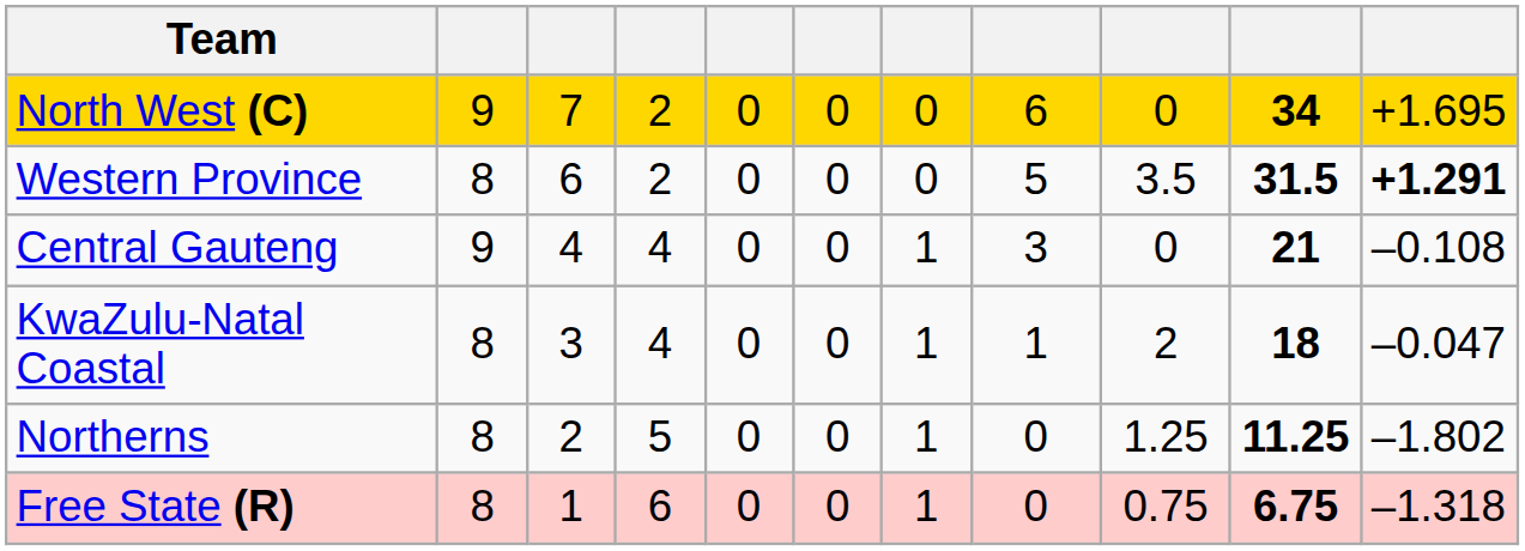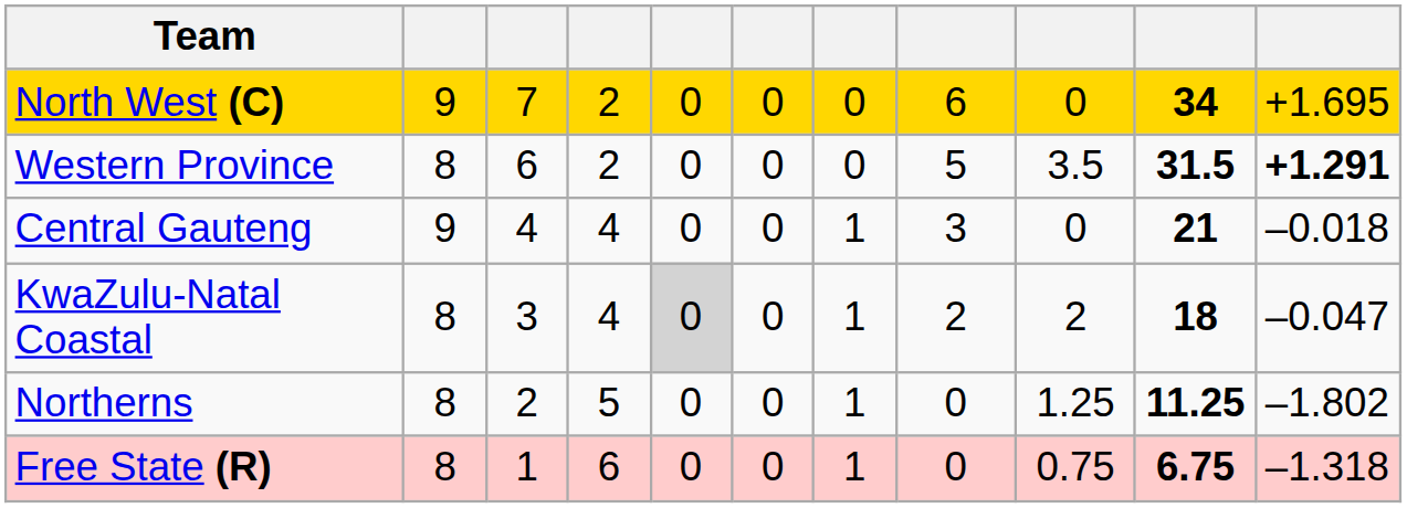 <table class="wikitable" style="text-align:center">
 <tr>
 <th width="150">Team</th>
 <th width="25"></th>
 <th width="25"></th>
 <th width="25"></th>
 <th width="25"></th>
 <th width="25"></th>
 <th width="25"></th>
 <th width="40"></th>
 <th width="40"></th>
 <th width="40"></th>
 <th width="45"></th>
 </tr>
 <tr style="background:gold">
 <td style="text-align:left"><a href='#'>North West</a> <strong>(C)</strong></td>
 <td>9</td>
 <td>7</td>
 <td>2</td>
 <td>0</td>
 <td>0</td>
 <td>0</td>
 <td>6</td>
 <td>0</td>
 <td><strong>34</strong></td>
 <td>+1.695</td>
 </tr>
 <tr>
 <td style="text-align:left"><a href='#'>Western Province</a></td>
 <td>8</td>
 <td>6</td>
 <td>2</td>
 <td>0</td>
 <td>0</td>
 <td>0</td>
 <td>5</td>
 <td>3.5</td>
 <td><strong>31.5</strong></td>
 <td><strong>+1.291</strong></td>
 </tr>
 <tr>
 <td style="text-align:left"><a href='#'>Central Gauteng</a></td>
 <td>9</td>
 <td>4</td>
 <td>4</td>
 <td>0</td>
 <td>0</td>
 <td>1</td>
 <td>3</td>
 <td>0</td>
 <td><strong>21</strong></td>
-<td>–0.108</td>
+<td>–0.018</td>
 </tr>
 <tr>
 <td style="text-align:left"><a href='#'>KwaZulu-Natal Coastal</a></td>
 <td>8</td>
 <td>3</td>
 <td>4</td>
-<td>0</td>
+<td style="background: lightgrey;">0</td>
 <td>0</td>
 <td>1</td>
-<td>1</td>
+<td>2</td>
 <td>2</td>
 <td><strong>18</strong></td>
 <td>–0.047</td>
 </tr>
 <tr>
 <td style="text-align:left"><a href='#'>Northerns</a></td>
 <td>8</td>
 <td>2</td>
 <td>5</td>
 <td>0</td>
 <td>0</td>
 <td>1</td>
 <td>0</td>
 <td>1.25</td>
 <td><strong>11.25</strong></td>
 <td>–1.802</td>
 </tr>
 <tr style="background:#FFCCCC">
 <td style="text-align:left"><a href='#'>Free State</a> <strong>(R)</strong></td>
 <td>8</td>
 <td>1</td>
 <td>6</td>
 <td>0</td>
 <td>0</td>
 <td>1</td>
 <td>0</td>
 <td>0.75</td>
 <td><strong>6.75</strong></td>
 <td>–1.318</td>
 </tr>
 </table>
